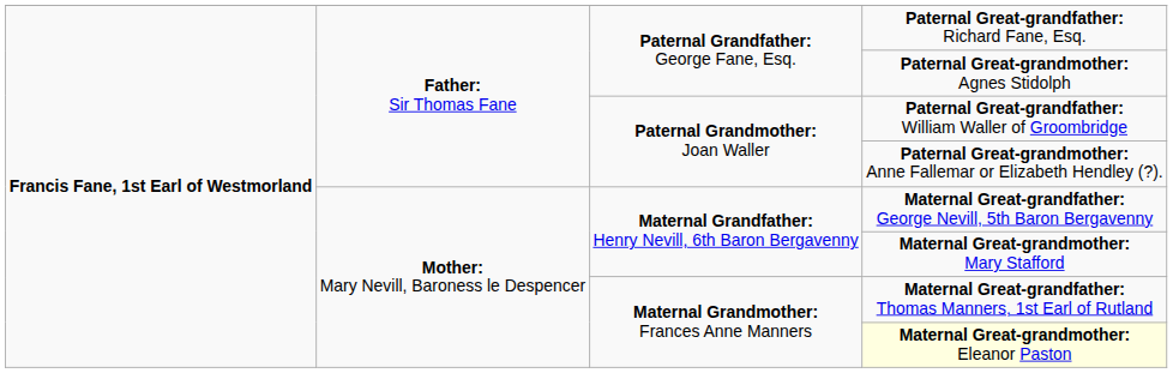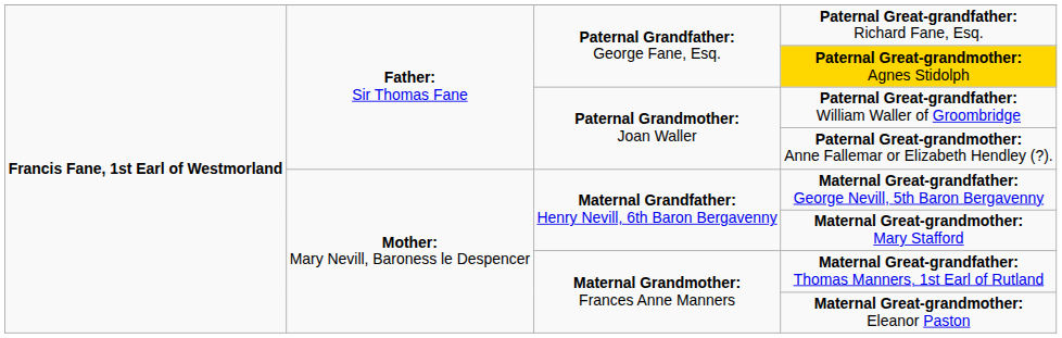 <table class="wikitable">
 <tr>
 </tr>
 <tr>
 <td rowspan="8" align="center"><strong>Francis Fane, 1st Earl of Westmorland</strong></td>
 <td rowspan="4" align="center"><strong>Father:</strong><br><a href='#'>Sir Thomas Fane</a></td>
 <td rowspan="2" align="center"><strong>Paternal Grandfather:</strong><br>George Fane, Esq.</td>
 <td align="center"><strong>Paternal Great-grandfather:</strong><br>Richard Fane, Esq.</td>
 </tr>
 <tr>
-<td align="center"><strong>Paternal Great-grandmother:</strong><br>Agnes Stidolph</td>
+<td align="center" style="background: gold;"><strong>Paternal Great-grandmother:</strong><br>Agnes Stidolph</td>
 </tr>
 <tr>
 <td rowspan="2" align="center"><strong>Paternal Grandmother:</strong><br>Joan Waller</td>
 <td align="center"><strong>Paternal Great-grandfather:</strong><br>William Waller of <a href='#'>Groombridge</a></td>
 </tr>
 <tr>
 <td align="center"><strong>Paternal Great-grandmother:</strong><br>Anne Fallemar or Elizabeth Hendley (?).</td>
 </tr>
 <tr>
 <td rowspan="4" align="center"><strong>Mother:</strong><br>Mary Nevill, Baroness le Despencer</td>
 <td rowspan="2" align="center"><strong>Maternal Grandfather:</strong><br><a href='#'>Henry Nevill, 6th Baron Bergavenny</a></td>
 <td align="center"><strong>Maternal Great-grandfather:</strong><br><a href='#'>George Nevill, 5th Baron Bergavenny</a></td>
 </tr>
 <tr>
 <td align="center"><strong>Maternal Great-grandmother:</strong><br><a href='#'>Mary Stafford</a></td>
 </tr>
 <tr>
 <td rowspan="2" align="center"><strong>Maternal Grandmother:</strong><br>Frances Anne Manners</td>
 <td align="center"><strong>Maternal Great-grandfather:</strong><br><a href='#'>Thomas Manners, 1st Earl of Rutland</a></td>
 </tr>
 <tr>
-<td align="center" style="background: lightyellow;"><strong>Maternal Great-grandmother:</strong><br>Eleanor <a href='#'>Paston</a></td>
+<td align="center"><strong>Maternal Great-grandmother:</strong><br>Eleanor <a href='#'>Paston</a></td>
 </tr>
 </table>
